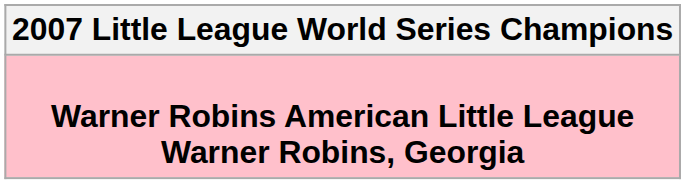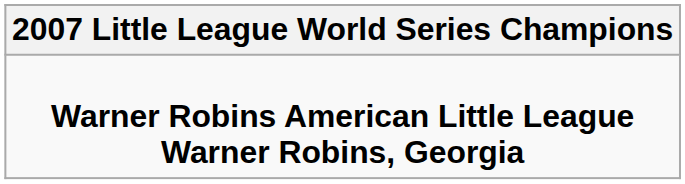 <table class="wikitable" style="text-align: center; margin: 0 auto;">
 <tr>
 <th>2007 Little League World Series Champions</th>
 </tr>
 <tr>
-<td style="background: pink;"> <br><strong>Warner Robins American Little League</strong><br><strong>Warner Robins, Georgia</strong></td>
+<td> <br><strong>Warner Robins American Little League</strong><br><strong>Warner Robins, Georgia</strong></td>
 </tr>
 </table>
